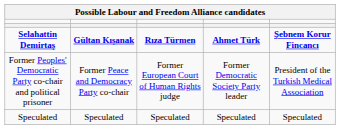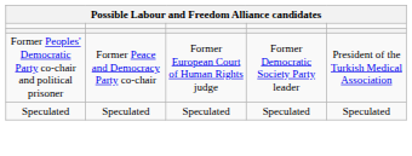 <table class="wikitable" style="margin:1em auto; font-size:90%; text-align:center;">
 <tr>
 <th colspan="5">Possible Labour and Freedom Alliance candidates</th>
 </tr>
 <tr>
 <td></td>
 <td></td>
 <td></td>
 <td></td>
 <td></td>
 </tr>
 <tr>
 <th style="width:100px; font-size:100%; background:"></th>
 <th style="width:100px; font-size:100%; background:"></th>
 <th style="width:100px; font-size:100%; background:"></th>
 <th style="width:100px; font-size:100%; background:"></th>
 <th style="width:100px; font-size:100%; background:"></th>
 </tr>
 <tr>
-<td><strong><a href='#'>Selahattin Demirtaş</a></strong></td>
-<td><strong><a href='#'>Gültan Kışanak</a></strong></td>
-<td><strong><a href='#'>Rıza Türmen</a></strong></td>
-<td><strong><a href='#'>Ahmet Türk</a></strong></td>
-<td><strong><a href='#'>Şebnem Korur Fincancı</a></strong></td>
-</tr>
-<tr>
 <td>Former <a href='#'>Peoples' Democratic Party</a> co-chair and political prisoner</td>
 <td>Former <a href='#'>Peace and Democracy Party</a> co-chair</td>
 <td>Former <a href='#'>European Court of Human Rights</a> judge</td>
 <td>Former <a href='#'>Democratic Society Party</a> leader</td>
 <td>President of the <a href='#'>Turkish Medical Association</a></td>
 </tr>
 <tr>
 <td>Speculated</td>
 <td>Speculated</td>
 <td>Speculated</td>
 <td>Speculated</td>
 <td>Speculated</td>
 </tr>
 </table>
